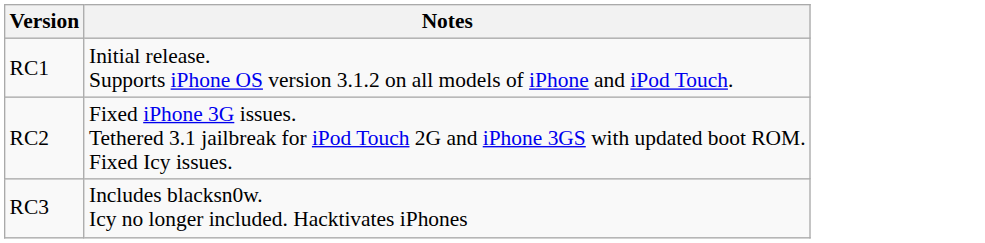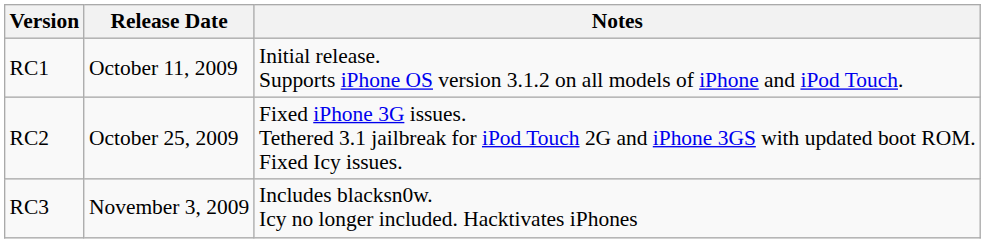 <table class="wikitable" border="1">
 <tr>
 <th>Version</th>
+<th>Release Date</th>
 <th>Notes</th>
 </tr>
 <tr>
 <td>RC1</td>
+<td>October 11, 2009</td>
 <td>Initial release.<br>Supports <a href='#'>iPhone OS</a> version 3.1.2 on all models of <a href='#'>iPhone</a> and <a href='#'>iPod Touch</a>.</td>
 </tr>
 <tr>
 <td>RC2</td>
+<td>October 25, 2009</td>
 <td>Fixed <a href='#'>iPhone 3G</a> issues.<br>Tethered 3.1 jailbreak for <a href='#'>iPod Touch</a> 2G and <a href='#'>iPhone 3GS</a> with updated boot ROM.<br>Fixed Icy issues.</td>
 </tr>
 <tr>
 <td>RC3</td>
+<td>November 3, 2009</td>
 <td>Includes blacksn0w.<br>Icy no longer included. Hacktivates iPhones</td>
 </tr>
 </table>
